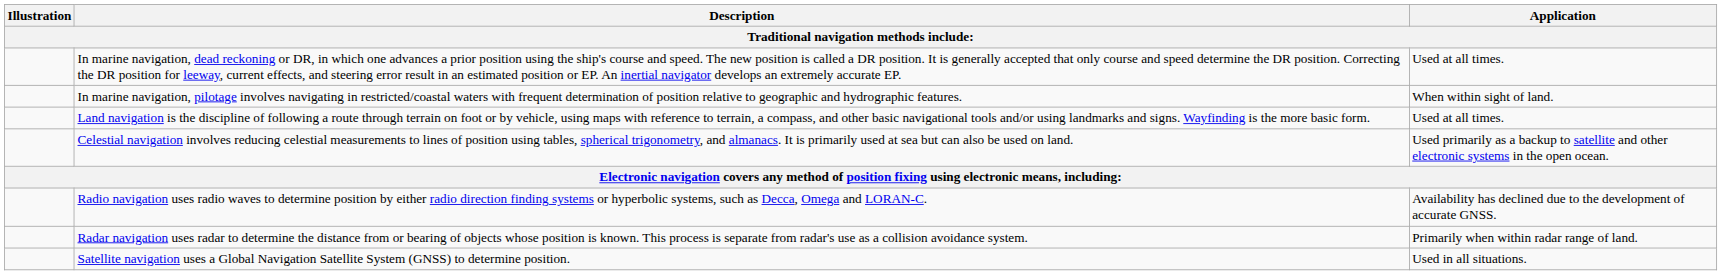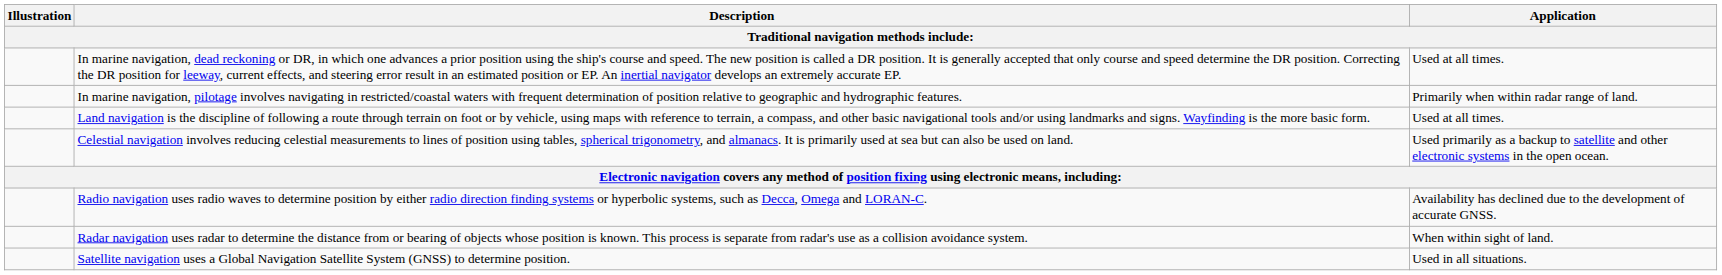 <table class="wikitable" style="font-size:95%">
 <tr>
 <th>Illustration</th>
 <th>Description</th>
 <th>Application</th>
 </tr>
 <tr valign="top">
 <th colspan="3">Traditional navigation methods include:</th>
 </tr>
 <tr valign="top">
 <td></td>
 <td>In marine navigation, <a href='#'>dead reckoning</a> or DR, in which one advances a prior position using the ship's course and speed. The new position is called a DR position. It is generally accepted that only course and speed determine the DR position. Correcting the DR position for <a href='#'>leeway</a>, current effects, and steering error result in an estimated position or EP. An <a href='#'>inertial navigator</a> develops an extremely accurate EP.</td>
 <td>Used at all times.</td>
 </tr>
 <tr valign="top">
 <td></td>
 <td>In marine navigation, <a href='#'>pilotage</a> involves navigating in restricted/coastal waters with frequent determination of position relative to geographic and hydrographic features.</td>
-<td>When within sight of land.</td>
+<td>Primarily when within radar range of land.</td>
 </tr>
 <tr valign="top">
 <td></td>
 <td><a href='#'>Land navigation</a> is the discipline of following a route through terrain on foot or by vehicle, using maps with reference to terrain, a compass, and other basic navigational tools and/or using landmarks and signs. <a href='#'>Wayfinding</a> is the more basic form.</td>
 <td>Used at all times.</td>
 </tr>
 <tr valign="top">
 <td></td>
 <td><a href='#'>Celestial navigation</a> involves reducing celestial measurements to lines of position using tables, <a href='#'>spherical trigonometry</a>, and <a href='#'>almanacs</a>. It is primarily used at sea but can also be used on land.</td>
 <td>Used primarily as a backup to <a href='#'>satellite</a> and other <a href='#'>electronic systems</a> in the open ocean.</td>
 </tr>
 <tr valign="top">
 <th colspan="3"><a href='#'>Electronic navigation</a> covers any method of <a href='#'>position fixing</a> using electronic means, including:</th>
 </tr>
 <tr valign="top">
 <td></td>
 <td><a href='#'>Radio navigation</a> uses radio waves to determine position by either <a href='#'>radio direction finding systems</a> or hyperbolic systems, such as <a href='#'>Decca</a>, <a href='#'>Omega</a> and <a href='#'>LORAN-C</a>.</td>
 <td>Availability has declined due to the development of accurate GNSS.</td>
 </tr>
 <tr valign="top">
 <td></td>
 <td><a href='#'>Radar navigation</a> uses radar to determine the distance from or bearing of objects whose position is known. This process is separate from radar's use as a collision avoidance system.</td>
-<td>Primarily when within radar range of land.</td>
+<td>When within sight of land.</td>
 </tr>
 <tr valign="top">
 <td></td>
 <td><a href='#'>Satellite navigation</a> uses a Global Navigation Satellite System (GNSS) to determine position.</td>
 <td>Used in all situations.</td>
 </tr>
 </table>
